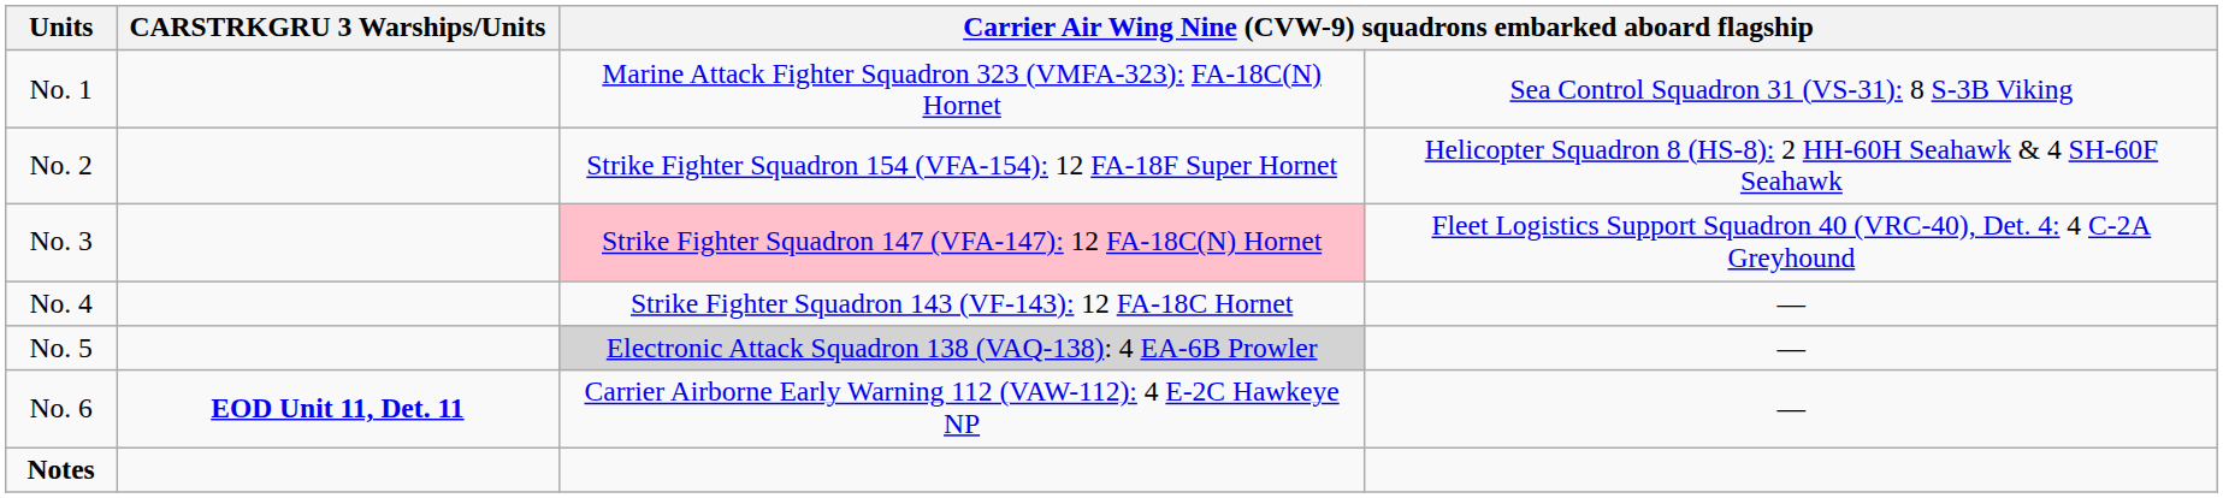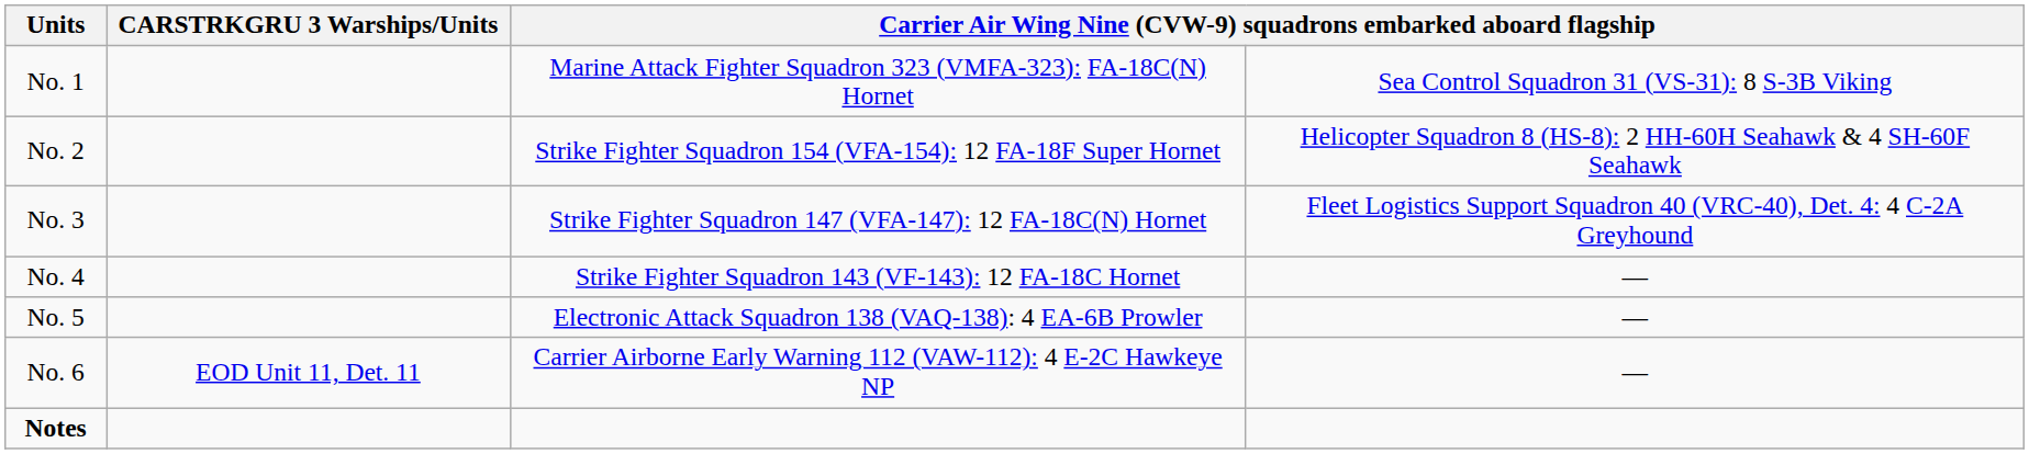 <table class="wikitable"  style="text-align:center; width:99%;">
 <tr>
 <th style="width:5%;">Units</th>
 <th style="width:20%; text-align:center;">CARSTRKGRU 3 Warships/Units</th>
 <th colspan="2" style="text-align:center;"><a href='#'>Carrier Air Wing Nine</a> (CVW-9) squadrons embarked aboard flagship </th>
 </tr>
 <tr>
 <td>No. 1</td>
 <td></td>
 <td><a href='#'>Marine Attack Fighter Squadron 323 (VMFA-323):</a> <a href='#'>FA-18C(N) Hornet</a></td>
 <td><a href='#'>Sea Control Squadron 31 (VS-31):</a> 8 <a href='#'>S-3B Viking</a></td>
 </tr>
 <tr>
 <td>No. 2</td>
 <td></td>
 <td><a href='#'>Strike Fighter Squadron 154 (VFA-154):</a> 12 <a href='#'>FA-18F Super Hornet</a></td>
 <td><a href='#'>Helicopter Squadron 8 (HS-8):</a> 2 <a href='#'>HH-60H Seahawk</a> & 4 <a href='#'>SH-60F Seahawk</a></td>
 </tr>
 <tr>
 <td>No. 3</td>
 <td></td>
-<td style="background: pink;"><a href='#'>Strike Fighter Squadron 147 (VFA-147):</a> 12 <a href='#'> FA-18C(N) Hornet</a></td>
+<td><a href='#'>Strike Fighter Squadron 147 (VFA-147):</a> 12 <a href='#'> FA-18C(N) Hornet</a></td>
 <td><a href='#'>Fleet Logistics Support Squadron 40 (VRC-40), Det. 4:</a> 4 <a href='#'>C-2A Greyhound</a></td>
 </tr>
 <tr>
 <td>No. 4</td>
 <td></td>
 <td><a href='#'>Strike Fighter Squadron 143 (VF-143):</a> 12 <a href='#'>FA-18C Hornet</a></td>
 <td>—</td>
 </tr>
 <tr>
 <td>No. 5</td>
 <td></td>
-<td style="background: lightgrey;"><a href='#'>Electronic Attack Squadron 138 (VAQ-138)</a>:  4 <a href='#'>EA-6B Prowler</a></td>
+<td><a href='#'>Electronic Attack Squadron 138 (VAQ-138)</a>:  4 <a href='#'>EA-6B Prowler</a></td>
 <td>—</td>
 </tr>
 <tr>
 <td>No. 6</td>
-<td><strong><a href='#'>EOD Unit 11, Det. 11</a></strong></td>
+<td><a href='#'>EOD Unit 11, Det. 11</a></td>
 <td><a href='#'>Carrier Airborne Early Warning 112 (VAW-112):</a> 4 <a href='#'>E-2C Hawkeye NP</a></td>
 <td>—</td>
 </tr>
 <tr>
 <td><strong>Notes</strong></td>
 <td></td>
 <td></td>
 <td></td>
 </tr>
 </table>
